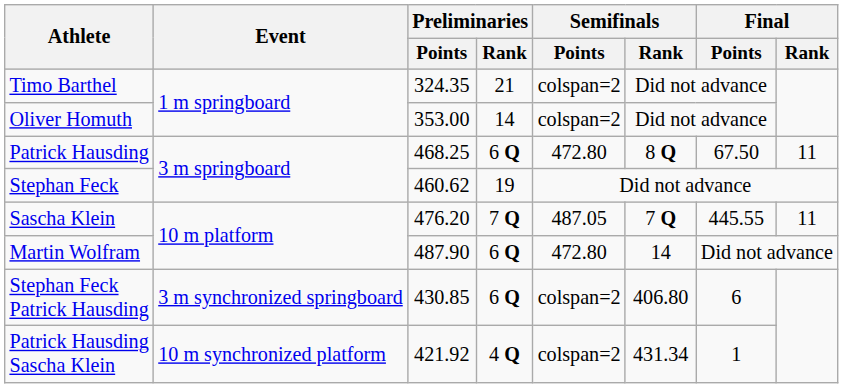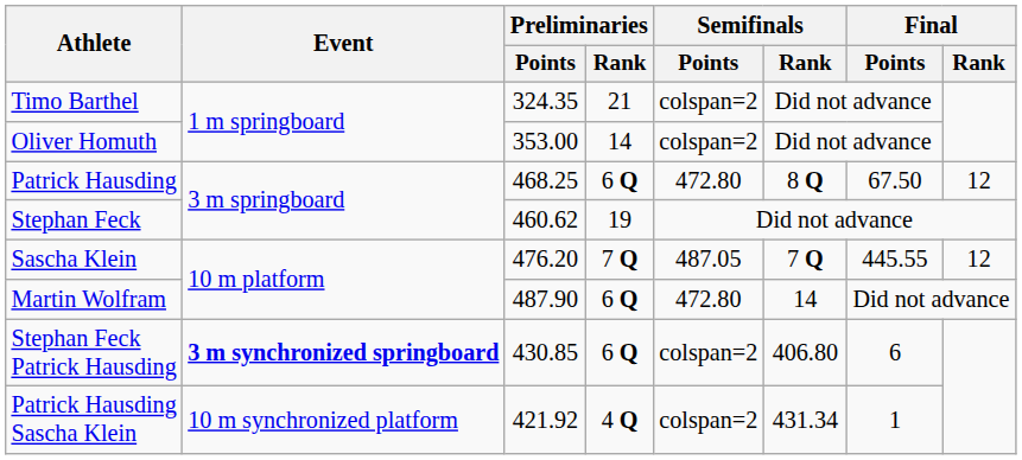 <table class=wikitable style="font-size:90%;">
 <tr>
 <th rowspan="2">Athlete</th>
 <th rowspan="2">Event</th>
 <th colspan="2">Preliminaries</th>
 <th colspan="2">Semifinals</th>
 <th colspan="2">Final</th>
 </tr>
 <tr style="font-size:95%">
 <th>Points</th>
 <th>Rank</th>
 <th>Points</th>
 <th>Rank</th>
 <th>Points</th>
 <th>Rank</th>
 </tr>
 <tr align=center>
 <td align=left><a href='#'>Timo Barthel</a></td>
 <td align=left rowspan=2><a href='#'>1 m springboard</a></td>
 <td>324.35</td>
 <td>21</td>
 <td>colspan=2 </td>
 <td colspan=2>Did not advance</td>
 </tr>
 <tr align=center>
 <td align=left><a href='#'>Oliver Homuth</a></td>
 <td>353.00</td>
 <td>14</td>
 <td>colspan=2 </td>
 <td colspan=2>Did not advance</td>
 </tr>
 <tr align=center>
 <td align=left><a href='#'>Patrick Hausding</a></td>
 <td align=left rowspan=2><a href='#'>3 m springboard</a></td>
 <td>468.25</td>
 <td>6 <strong>Q</strong></td>
 <td>472.80</td>
 <td>8 <strong>Q</strong></td>
 <td>67.50</td>
-<td>11</td>
+<td>12</td>
 </tr>
 <tr align=center>
 <td align=left><a href='#'>Stephan Feck</a></td>
 <td>460.62</td>
 <td>19</td>
 <td colspan=4>Did not advance</td>
 </tr>
 <tr align=center>
 <td align=left><a href='#'>Sascha Klein</a></td>
 <td align=left rowspan=2><a href='#'>10 m platform</a></td>
 <td>476.20</td>
 <td>7 <strong>Q</strong></td>
 <td>487.05</td>
 <td>7 <strong>Q</strong></td>
 <td>445.55</td>
-<td>11</td>
+<td>12</td>
 </tr>
 <tr align=center>
 <td align=left><a href='#'>Martin Wolfram</a></td>
 <td>487.90</td>
 <td>6 <strong>Q</strong></td>
 <td>472.80</td>
 <td>14</td>
 <td colspan=2>Did not advance</td>
 </tr>
 <tr align=center>
 <td align=left><a href='#'>Stephan Feck</a><br><a href='#'>Patrick Hausding</a></td>
-<td align=left><a href='#'>3 m synchronized springboard</a></td>
+<td align=left><strong><a href='#'>3 m synchronized springboard</a></strong></td>
 <td>430.85</td>
 <td>6 <strong>Q</strong></td>
 <td>colspan=2 </td>
 <td>406.80</td>
 <td>6</td>
 </tr>
 <tr align=center>
 <td align=left><a href='#'>Patrick Hausding</a><br><a href='#'>Sascha Klein</a></td>
 <td align=left><a href='#'>10 m synchronized platform</a></td>
 <td>421.92</td>
 <td>4 <strong>Q</strong></td>
 <td>colspan=2 </td>
 <td>431.34</td>
 <td>1</td>
 </tr>
 </table>
